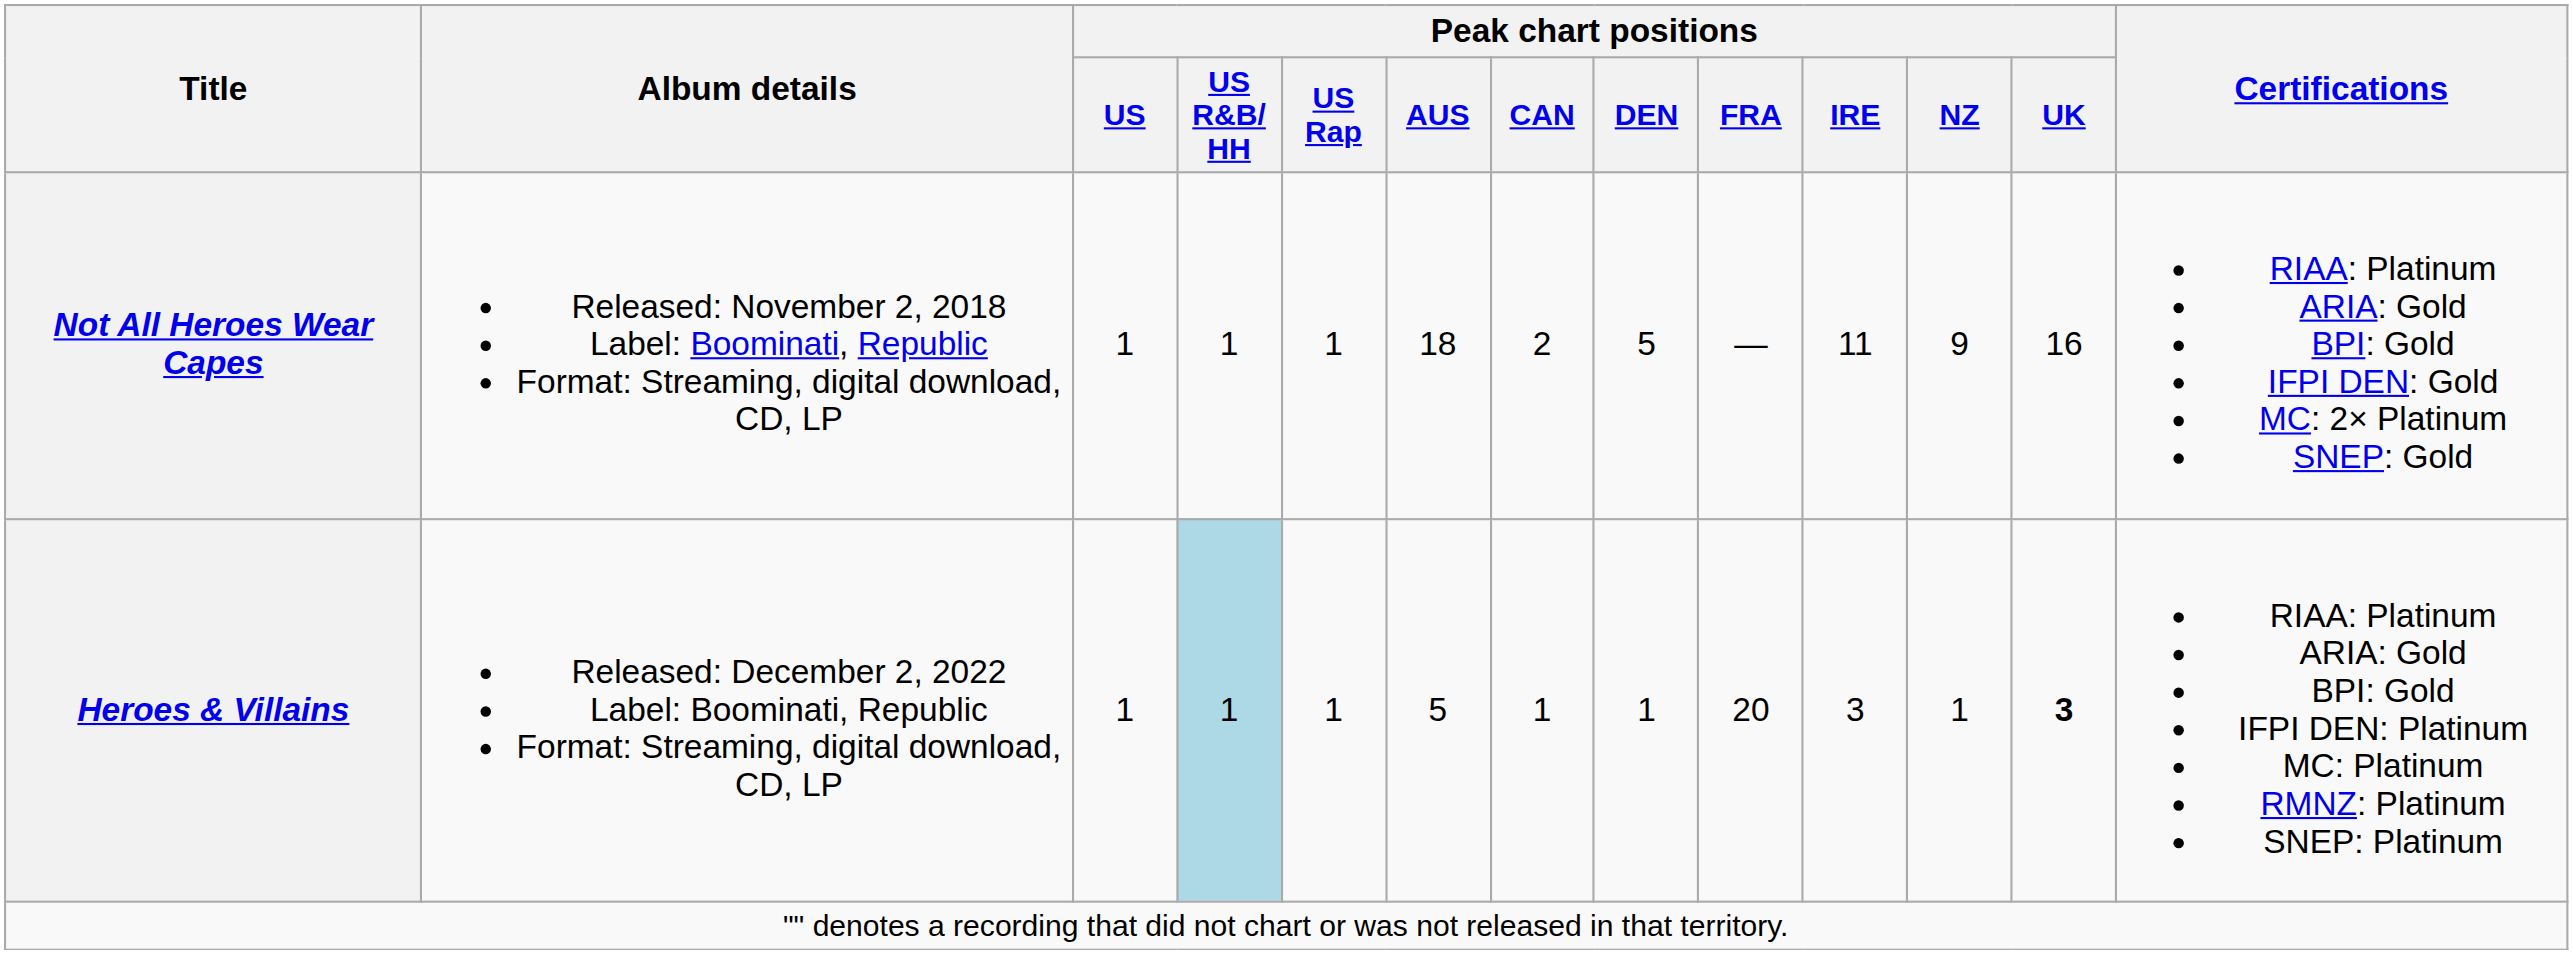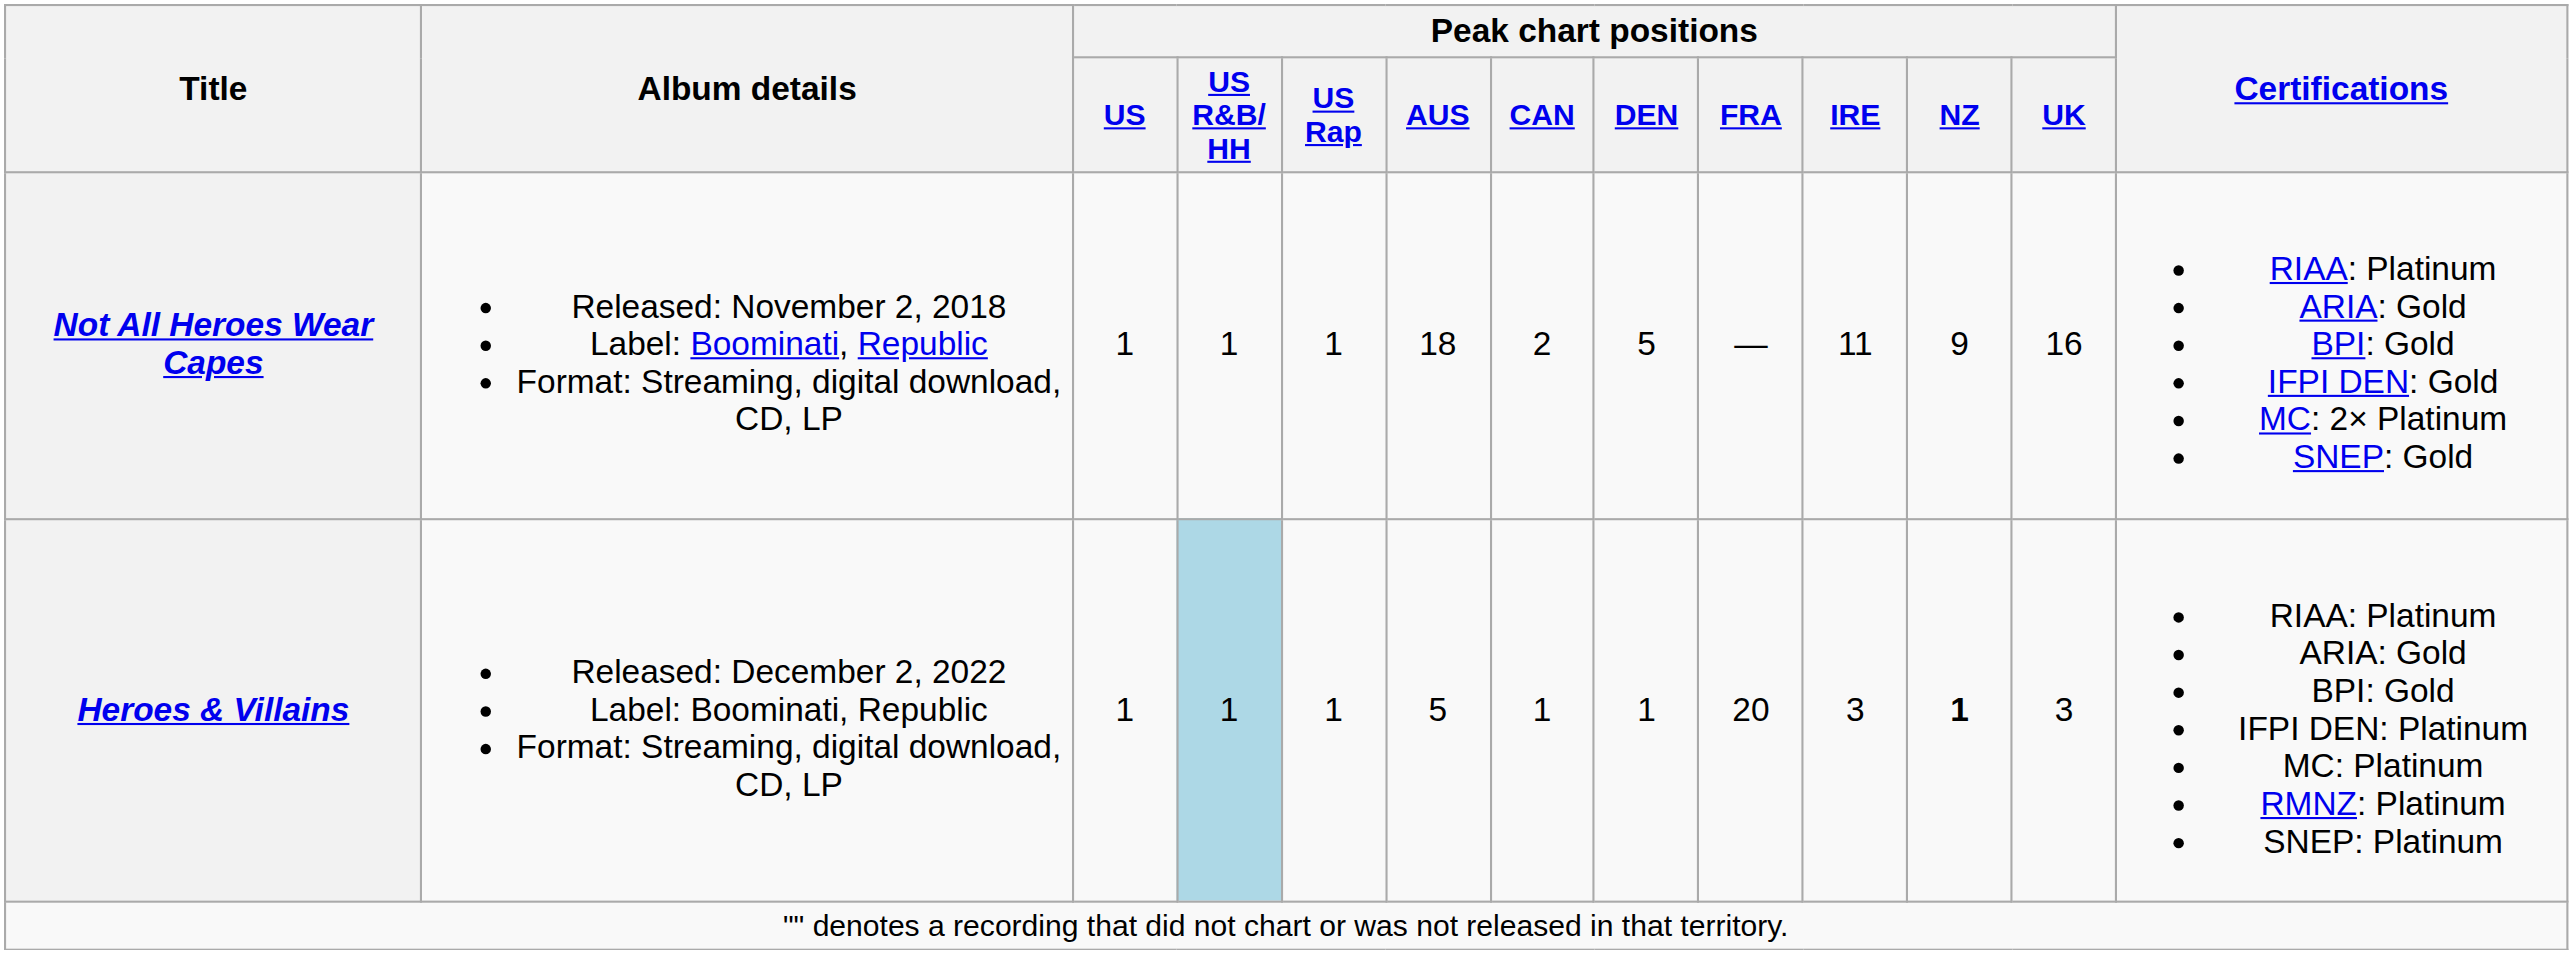 <table class="wikitable plainrowheaders" style="text-align:center;">
 <tr>
 <th rowspan="2" style="width:12em;">Title</th>
 <th rowspan="2" style="width:19em;">Album details</th>
 <th colspan="10">Peak chart positions</th>
 <th scope="col" rowspan="2" style="width:13em;"><a href='#'>Certifications</a></th>
 </tr>
 <tr>
 <th style="width:3em;font-size:90%;"><a href='#'>US</a><br></th>
 <th style="width:3em;font-size:90%;"><a href='#'>US<br>R&B/<br>HH</a><br></th>
 <th style="width:3em;font-size:90%;"><a href='#'>US Rap</a><br></th>
 <th style="width:3em;font-size:90%;"><a href='#'>AUS</a><br></th>
 <th style="width:3em;font-size:90%;"><a href='#'>CAN</a><br></th>
 <th style="width:3em;font-size:90%;"><a href='#'>DEN</a><br></th>
 <th style="width:3em;font-size:90%;"><a href='#'>FRA</a><br></th>
 <th style="width:3em;font-size:90%;"><a href='#'>IRE</a><br></th>
 <th style="width:3em;font-size:90%;"><a href='#'>NZ</a><br></th>
 <th style="width:3em;font-size:90%;"><a href='#'>UK</a><br></th>
 </tr>
 <tr>
 <th scope="row"><em><a href='#'>Not All Heroes Wear Capes</a></em></th>
 <td><br><ul><li>Released: November 2, 2018</li><li>Label: <a href='#'>Boominati</a>, <a href='#'>Republic</a></li><li>Format: Streaming, digital download, CD, LP</li></ul></td>
 <td>1</td>
 <td>1</td>
 <td>1</td>
 <td>18</td>
 <td>2</td>
 <td>5</td>
 <td>—</td>
 <td>11</td>
 <td>9</td>
 <td>16</td>
 <td><br><ul><li><a href='#'>RIAA</a>: Platinum</li><li><a href='#'>ARIA</a>: Gold</li><li><a href='#'>BPI</a>: Gold</li><li><a href='#'>IFPI DEN</a>: Gold</li><li><a href='#'>MC</a>: 2× Platinum</li><li><a href='#'>SNEP</a>: Gold</li></ul></td>
 </tr>
 <tr>
 <th scope="row"><em><a href='#'>Heroes & Villains</a></em></th>
 <td><br><ul><li>Released: December 2, 2022</li><li>Label: Boominati, Republic</li><li>Format: Streaming, digital download, CD, LP</li></ul></td>
 <td>1</td>
 <td style="background: lightblue;">1</td>
 <td>1</td>
 <td>5</td>
 <td>1</td>
 <td>1</td>
 <td>20</td>
 <td>3</td>
-<td>1</td>
-<td><strong>3</strong></td>
+<td><strong>1</strong></td>
+<td>3</td>
 <td><br><ul><li>RIAA: Platinum</li><li>ARIA: Gold</li><li>BPI: Gold</li><li>IFPI DEN: Platinum</li><li>MC: Platinum</li><li><a href='#'>RMNZ</a>: Platinum</li><li>SNEP: Platinum</li></ul></td>
 </tr>
 <tr>
 <td colspan="14" style="font-size:90%">"" denotes a recording that did not chart or was not released in that territory.</td>
 </tr>
 </table>
